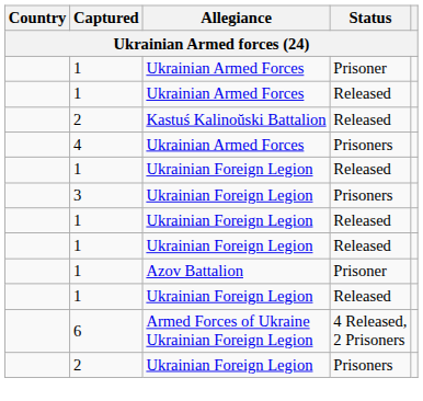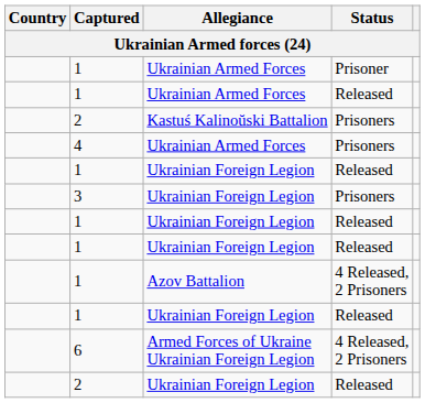 <table class="wikitable sortable" style="display:inline-table;">
 <tr>
 <th>Country</th>
 <th>Captured</th>
 <th>Allegiance</th>
 <th>Status</th>
 <th class="unsortable"></th>
 </tr>
 <tr>
 <th colspan="6">Ukrainian Armed forces (24)</th>
 </tr>
 <tr>
 <td></td>
 <td>1</td>
 <td><a href='#'>Ukrainian Armed Forces</a></td>
 <td>Prisoner</td>
 <td></td>
 </tr>
 <tr>
 <td></td>
 <td>1</td>
 <td><a href='#'>Ukrainian Armed Forces</a></td>
 <td>Released</td>
 <td></td>
 </tr>
 <tr>
 <td></td>
 <td>2</td>
 <td><a href='#'>Kastuś Kalinoŭski Battalion</a></td>
-<td>Released</td>
+<td>Prisoners</td>
 <td></td>
 </tr>
 <tr>
 <td></td>
 <td>4</td>
 <td><a href='#'>Ukrainian Armed Forces</a></td>
 <td>Prisoners</td>
 <td><br></td>
 </tr>
 <tr>
 <td></td>
 <td>1</td>
 <td><a href='#'>Ukrainian Foreign Legion</a></td>
 <td>Released</td>
 <td></td>
 </tr>
 <tr>
 <td></td>
 <td>3</td>
 <td><a href='#'>Ukrainian Foreign Legion</a></td>
 <td>Prisoners</td>
 <td></td>
 </tr>
 <tr>
 <td></td>
 <td>1</td>
 <td><a href='#'>Ukrainian Foreign Legion</a></td>
 <td>Released</td>
 <td></td>
 </tr>
 <tr>
 <td></td>
 <td>1</td>
 <td><a href='#'>Ukrainian Foreign Legion</a></td>
 <td>Released</td>
 <td></td>
 </tr>
 <tr>
 <td></td>
 <td>1</td>
 <td><a href='#'>Azov Battalion</a></td>
-<td>Prisoner</td>
+<td>4 Released,<br>2 Prisoners</td>
 <td></td>
 </tr>
 <tr>
 <td></td>
 <td>1</td>
 <td><a href='#'>Ukrainian Foreign Legion</a></td>
 <td>Released</td>
 <td></td>
 </tr>
 <tr>
 <td></td>
 <td>6</td>
 <td><a href='#'>Armed Forces of Ukraine</a><br><a href='#'>Ukrainian Foreign Legion</a></td>
 <td>4 Released,<br>2 Prisoners</td>
 <td><br></td>
 </tr>
 <tr>
 <td></td>
 <td>2</td>
 <td><a href='#'>Ukrainian Foreign Legion</a></td>
-<td>Prisoners</td>
+<td>Released</td>
 <td></td>
 </tr>
 </table>
